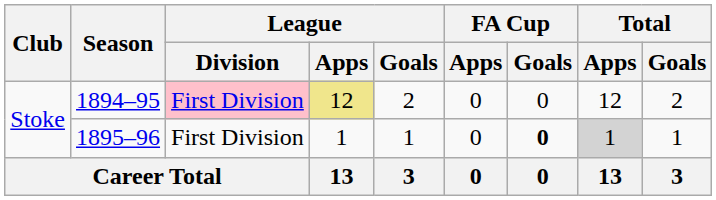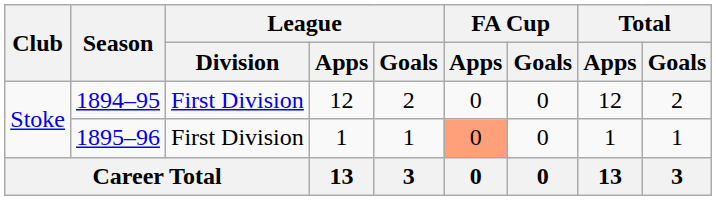 <table class="wikitable" style="text-align: center;">
 <tr>
 <th rowspan="2">Club</th>
 <th rowspan="2">Season</th>
 <th colspan="3">League</th>
 <th colspan="2">FA Cup</th>
 <th colspan="2">Total</th>
 </tr>
 <tr>
 <th>Division</th>
 <th>Apps</th>
 <th>Goals</th>
 <th>Apps</th>
 <th>Goals</th>
 <th>Apps</th>
 <th>Goals</th>
 </tr>
 <tr>
 <td rowspan="2"><a href='#'>Stoke</a></td>
 <td><a href='#'>1894–95</a></td>
-<td style="background: pink;"><a href='#'>First Division</a></td>
-<td style="background: khaki;">12</td>
+<td><a href='#'>First Division</a></td>
+<td>12</td>
 <td>2</td>
 <td>0</td>
 <td>0</td>
 <td>12</td>
 <td>2</td>
 </tr>
 <tr>
 <td><a href='#'>1895–96</a></td>
 <td>First Division</td>
 <td>1</td>
 <td>1</td>
+<td style="background: lightsalmon;">0</td>
 <td>0</td>
-<td><strong>0</strong></td>
-<td style="background: lightgrey;">1</td>
+<td>1</td>
 <td>1</td>
 </tr>
 <tr>
 <th colspan="3">Career Total</th>
 <th>13</th>
 <th>3</th>
 <th>0</th>
 <th>0</th>
 <th>13</th>
 <th>3</th>
 </tr>
 </table>
